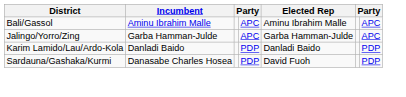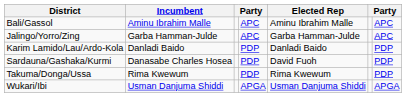 <table class="sortable wikitable" style="font-size:95%;line-height:14px;">
 <tr>
 <th class="unsortable">District</th>
 <th class="unsortable"><a href='#'>Incumbent</a></th>
 <th colspan="2">Party</th>
 <th class="unsortable">Elected Rep</th>
 <th colspan="2">Party</th>
 </tr>
 <tr>
 <td>Bali/Gassol</td>
 <td><a href='#'>Aminu Ibrahim Malle</a></td>
 <td style="background:"></td>
 <td><a href='#'>APC</a></td>
 <td>Aminu Ibrahim Malle</td>
 <td style="background:"></td>
 <td><a href='#'>APC</a></td>
 </tr>
 <tr>
 <td>Jalingo/Yorro/Zing</td>
 <td>Garba Hamman-Julde</td>
 <td style="background:"></td>
 <td><a href='#'>APC</a></td>
 <td>Garba Hamman-Julde</td>
 <td style="background:"></td>
 <td><a href='#'>APC</a></td>
 </tr>
 <tr>
 <td>Karim Lamido/Lau/Ardo-Kola</td>
 <td>Danladi Baido</td>
 <td style="background:"></td>
 <td><a href='#'>PDP</a></td>
 <td>Danladi Baido</td>
 <td style="background:"></td>
 <td><a href='#'>PDP</a></td>
 </tr>
 <tr>
 <td>Sardauna/Gashaka/Kurmi</td>
 <td>Danasabe Charles Hosea</td>
 <td style="background:"></td>
 <td><a href='#'>PDP</a></td>
 <td>David Fuoh</td>
 <td style="background:"></td>
 <td><a href='#'>PDP</a></td>
 </tr>
+<tr>
+<td>Takuma/Donga/Ussa</td>
+<td>Rima Kwewum</td>
+<td style="background:"></td>
+<td><a href='#'>PDP</a></td>
+<td>Rima Kwewum</td>
+<td style="background:"></td>
+<td><a href='#'>PDP</a></td>
+</tr>
+<tr>
+<td>Wukari/Ibi</td>
+<td><a href='#'>Usman Danjuma Shiddi</a></td>
+<td style="background:"></td>
+<td><a href='#'>APGA</a></td>
+<td><a href='#'>Usman Danjuma Shiddi</a></td>
+<td style="background:"></td>
+<td><a href='#'>APGA</a></td>
+</tr>
 </table>
